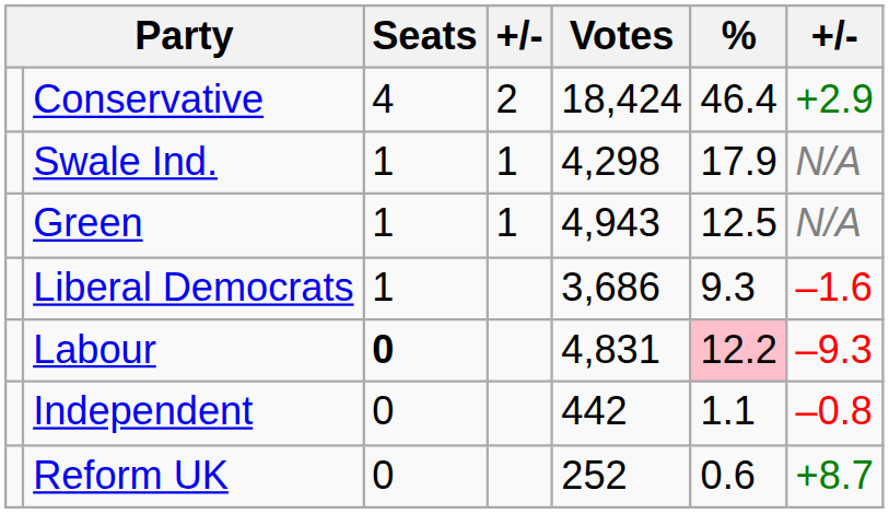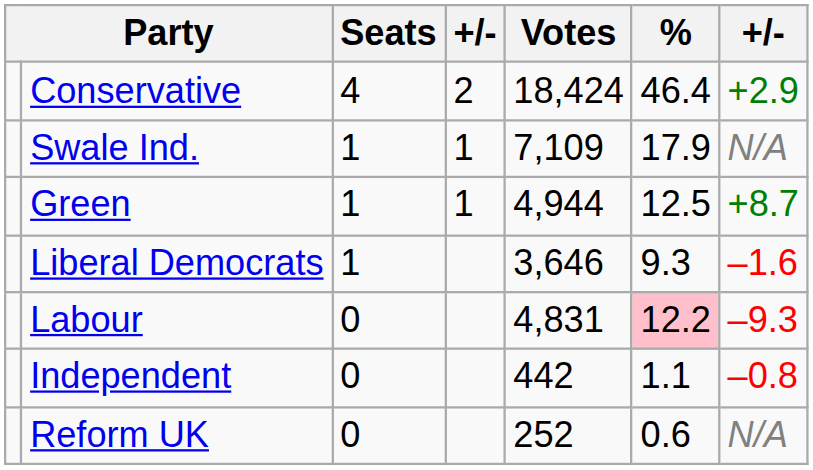 <table class="wikitable">
 <tr>
 <th colspan="2">Party</th>
 <th>Seats</th>
 <th>+/-</th>
 <th>Votes</th>
 <th>%</th>
 <th>+/-</th>
 </tr>
 <tr>
 <td style="background-color: "></td>
 <td><a href='#'>Conservative</a></td>
 <td>4</td>
 <td> 2</td>
 <td>18,424</td>
 <td>46.4</td>
 <td style="color:green">+2.9</td>
 </tr>
 <tr>
 <td style="background-color: "></td>
 <td><a href='#'>Swale Ind.</a></td>
 <td>1</td>
 <td> 1</td>
-<td>4,298</td>
+<td>7,109</td>
 <td>17.9</td>
 <td style="color:grey"><em>N/A</em></td>
 </tr>
 <tr>
 <td style="background-color: "></td>
 <td><a href='#'>Green</a></td>
 <td>1</td>
 <td> 1</td>
-<td>4,943</td>
+<td>4,944</td>
 <td>12.5</td>
-<td style="color:grey"><em>N/A</em></td>
+<td style="color:green">+8.7</td>
 </tr>
 <tr>
 <td style="background-color: "></td>
 <td><a href='#'>Liberal Democrats</a></td>
 <td>1</td>
 <td></td>
-<td>3,686</td>
+<td>3,646</td>
 <td>9.3</td>
 <td style="color:red">–1.6</td>
 </tr>
 <tr>
 <td style="background-color: "></td>
 <td><a href='#'>Labour</a></td>
-<td><strong>0</strong></td>
+<td>0</td>
 <td></td>
 <td>4,831</td>
 <td style="background: pink;">12.2</td>
 <td style="color:red">–9.3</td>
 </tr>
 <tr>
 <td style="background-color: "></td>
 <td><a href='#'>Independent</a></td>
 <td>0</td>
 <td></td>
 <td>442</td>
 <td>1.1</td>
 <td style="color:red">–0.8</td>
 </tr>
 <tr>
 <td style="background-color: "></td>
 <td><a href='#'>Reform UK</a></td>
 <td>0</td>
 <td></td>
 <td>252</td>
 <td>0.6</td>
-<td style="color:green">+8.7</td>
+<td style="color:grey"><em>N/A</em></td>
 </tr>
 </table>
